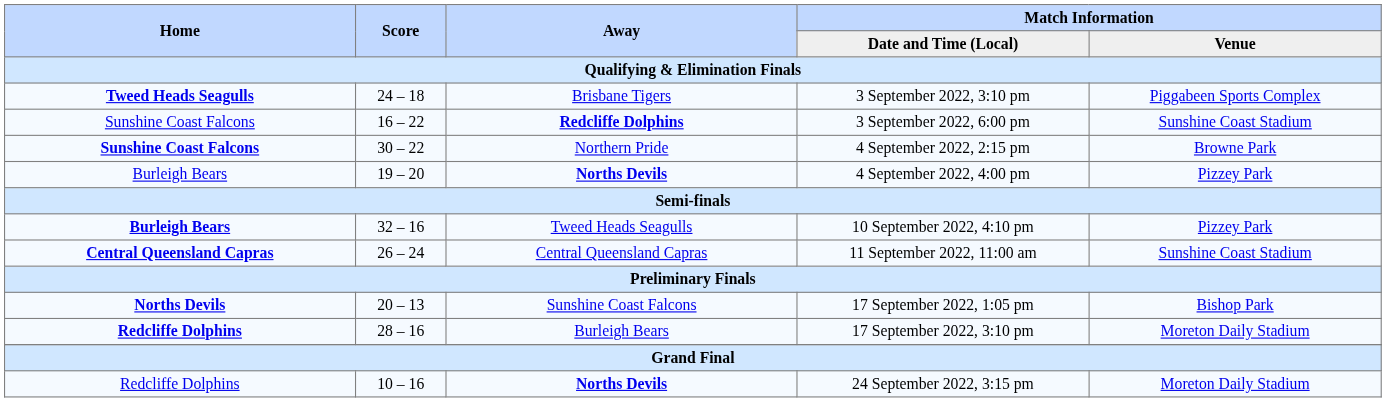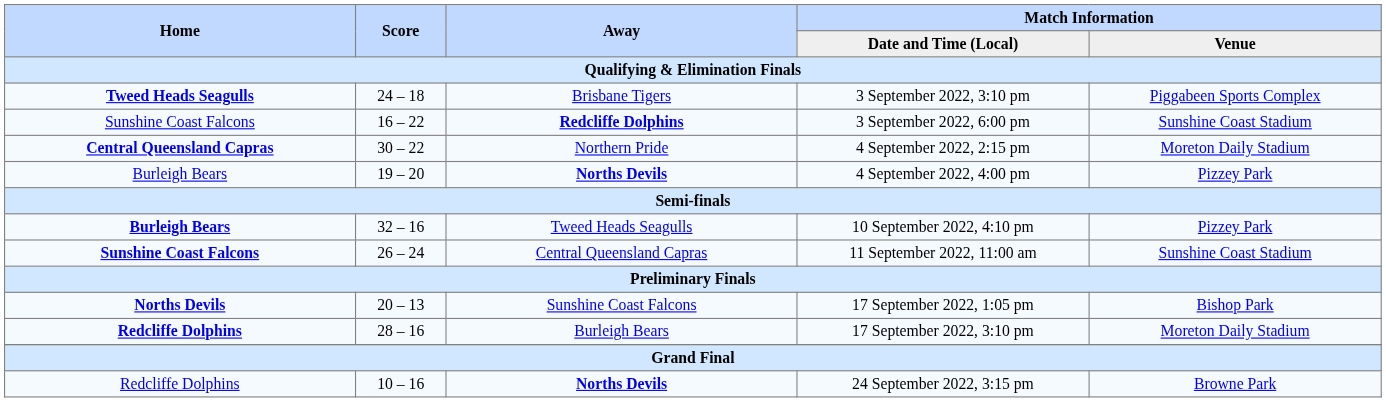 <table border="1" cellpadding="3" cellspacing="0" style="border-collapse:collapse; font-size:90%; text-align:center; width:100%;">
 <tr style="background:#c1d8ff;">
 <th rowspan=2 width=12%>Home</th>
 <th rowspan=2 width=3%>Score</th>
 <th rowspan=2 width=12%>Away</th>
 <th colspan=5>Match Information</th>
 </tr>
 <tr bgcolor=#EFEFEF>
 <th width=10%>Date and Time (Local)</th>
 <th width=10%>Venue</th>
 </tr>
 <tr style="background:#d0e7ff;">
 <td colspan=5><strong>Qualifying & Elimination Finals</strong></td>
 </tr>
 <tr style="background:#f5faff;">
 <td> <strong><a href='#'>Tweed Heads Seagulls</a></strong></td>
 <td>24 – 18</td>
 <td> <a href='#'>Brisbane Tigers</a></td>
 <td>3 September 2022, 3:10 pm</td>
 <td><a href='#'>Piggabeen Sports Complex</a></td>
 </tr>
 <tr style="background:#f5faff;">
 <td> <a href='#'>Sunshine Coast Falcons</a></td>
 <td>16 – 22</td>
 <td> <strong><a href='#'>Redcliffe Dolphins</a></strong></td>
 <td>3 September 2022, 6:00 pm</td>
 <td><a href='#'>Sunshine Coast Stadium</a></td>
 </tr>
 <tr style="background:#f5faff;">
-<td> <strong><a href='#'>Sunshine Coast Falcons</a></strong></td>
+<td> <strong><a href='#'>Central Queensland Capras</a></strong></td>
 <td>30 – 22</td>
 <td> <a href='#'>Northern Pride</a></td>
 <td>4 September 2022, 2:15 pm</td>
-<td><a href='#'>Browne Park</a></td>
+<td><a href='#'>Moreton Daily Stadium</a></td>
 </tr>
 <tr style="background:#f5faff;">
 <td> <a href='#'>Burleigh Bears</a></td>
 <td>19 – 20</td>
 <td> <strong><a href='#'>Norths Devils</a></strong></td>
 <td>4 September 2022, 4:00 pm</td>
 <td><a href='#'>Pizzey Park</a></td>
 </tr>
 <tr style="background:#d0e7ff;">
 <td colspan=5><strong>Semi-finals</strong></td>
 </tr>
 <tr style="background:#f5faff;">
 <td> <strong><a href='#'>Burleigh Bears</a></strong></td>
 <td>32 – 16</td>
 <td> <a href='#'>Tweed Heads Seagulls</a></td>
 <td>10 September 2022, 4:10 pm</td>
 <td><a href='#'>Pizzey Park</a></td>
 </tr>
 <tr style="background:#f5faff;">
-<td> <strong><a href='#'>Central Queensland Capras</a></strong></td>
+<td> <strong><a href='#'>Sunshine Coast Falcons</a></strong></td>
 <td>26 – 24</td>
 <td> <a href='#'>Central Queensland Capras</a></td>
 <td>11 September 2022, 11:00 am</td>
 <td><a href='#'>Sunshine Coast Stadium</a></td>
 </tr>
 <tr style="background:#d0e7ff;">
 <td colspan=5><strong>Preliminary Finals</strong></td>
 </tr>
 <tr style="background:#f5faff;">
 <td><strong> <a href='#'>Norths Devils</a></strong></td>
 <td>20 – 13</td>
 <td> <a href='#'>Sunshine Coast Falcons</a></td>
 <td>17 September 2022, 1:05 pm</td>
 <td><a href='#'>Bishop Park</a></td>
 </tr>
 <tr style="background:#f5faff;">
 <td><strong> <a href='#'>Redcliffe Dolphins</a></strong></td>
 <td>28 – 16</td>
 <td> <a href='#'>Burleigh Bears</a></td>
 <td>17 September 2022, 3:10 pm</td>
 <td><a href='#'>Moreton Daily Stadium</a></td>
 </tr>
 <tr style="background:#f5faff;">
 </tr>
 <tr style="background:#d0e7ff;">
 <td colspan=5><strong>Grand Final</strong></td>
 </tr>
 <tr style="background:#f5faff;">
 <td> <a href='#'>Redcliffe Dolphins</a></td>
 <td>10 – 16</td>
 <td><strong> <a href='#'>Norths Devils</a></strong></td>
 <td>24 September 2022, 3:15 pm</td>
-<td><a href='#'>Moreton Daily Stadium</a></td>
+<td><a href='#'>Browne Park</a></td>
 </tr>
 </table>
